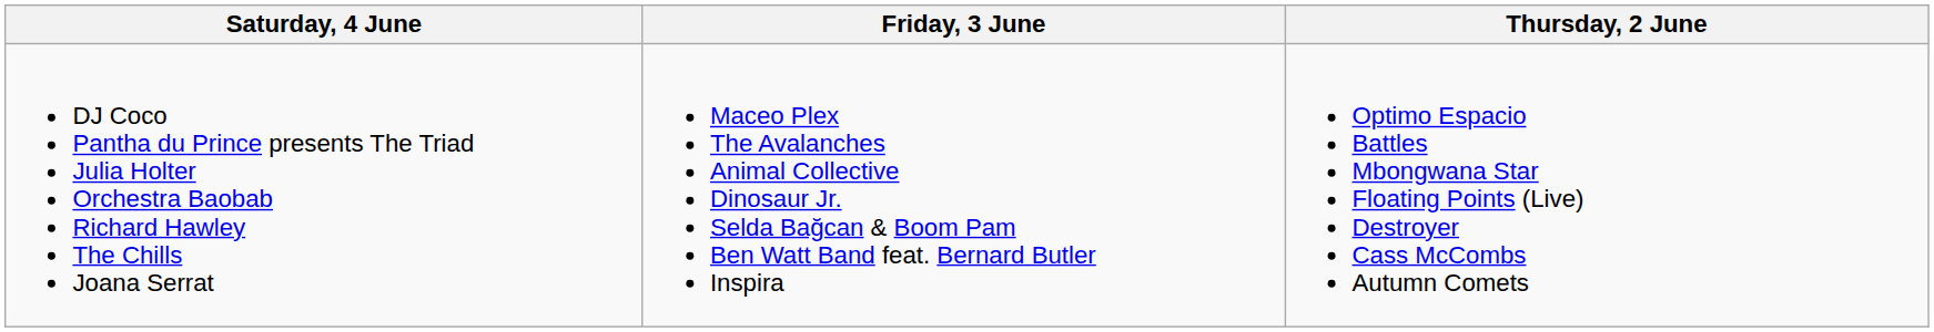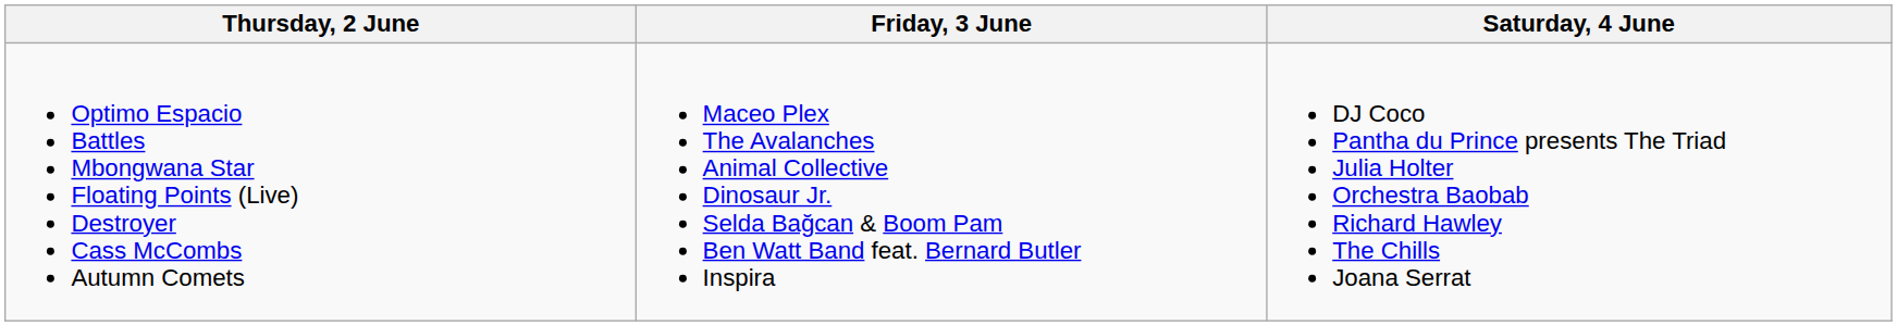 <table class="wikitable">
 <tr>
+<th width="500">Thursday, 2 June</th>
+<th width="500">Friday, 3 June</th>
 <th width="500">Saturday, 4 June</th>
-<th width="500">Friday, 3 June</th>
-<th width="500">Thursday, 2 June</th>
 </tr>
 <tr valign="top">
+<td><br><ul><li><a href='#'>Optimo Espacio</a></li><li><a href='#'>Battles</a></li><li><a href='#'>Mbongwana Star</a></li><li><a href='#'>Floating Points</a> (Live)</li><li><a href='#'>Destroyer</a></li><li><a href='#'>Cass McCombs</a></li><li>Autumn Comets</li></ul></td>
+<td><br><ul><li><a href='#'>Maceo Plex</a></li><li><a href='#'>The Avalanches</a></li><li><a href='#'>Animal Collective</a></li><li><a href='#'>Dinosaur Jr.</a></li><li><a href='#'>Selda Bağcan</a> & <a href='#'>Boom Pam</a></li><li><a href='#'>Ben Watt Band</a> feat. <a href='#'>Bernard Butler</a></li><li>Inspira</li></ul></td>
 <td><br><ul><li>DJ Coco</li><li><a href='#'>Pantha du Prince</a> presents The Triad</li><li><a href='#'>Julia Holter</a></li><li><a href='#'>Orchestra Baobab</a></li><li><a href='#'>Richard Hawley</a></li><li><a href='#'>The Chills</a></li><li>Joana Serrat</li></ul></td>
-<td><br><ul><li><a href='#'>Maceo Plex</a></li><li><a href='#'>The Avalanches</a></li><li><a href='#'>Animal Collective</a></li><li><a href='#'>Dinosaur Jr.</a></li><li><a href='#'>Selda Bağcan</a> & <a href='#'>Boom Pam</a></li><li><a href='#'>Ben Watt Band</a> feat. <a href='#'>Bernard Butler</a></li><li>Inspira</li></ul></td>
-<td><br><ul><li><a href='#'>Optimo Espacio</a></li><li><a href='#'>Battles</a></li><li><a href='#'>Mbongwana Star</a></li><li><a href='#'>Floating Points</a> (Live)</li><li><a href='#'>Destroyer</a></li><li><a href='#'>Cass McCombs</a></li><li>Autumn Comets</li></ul></td>
 </tr>
 </table>
